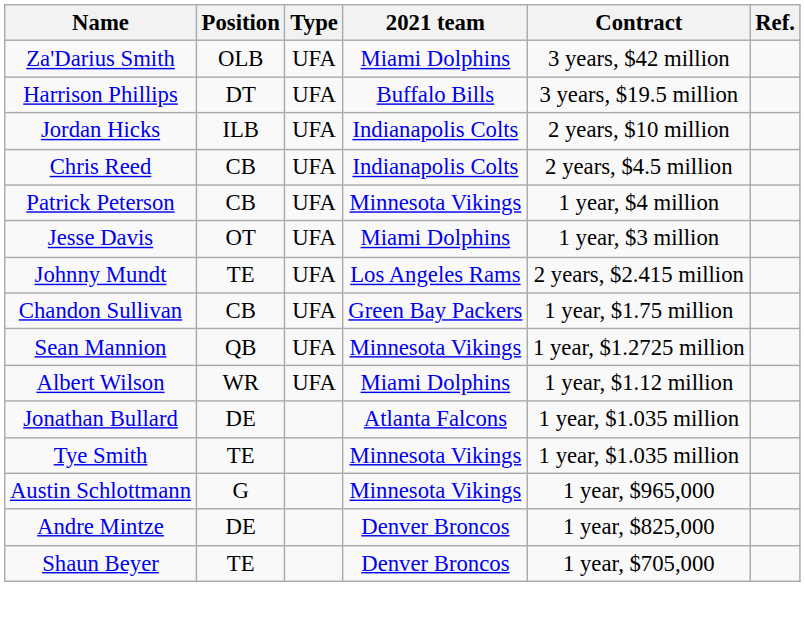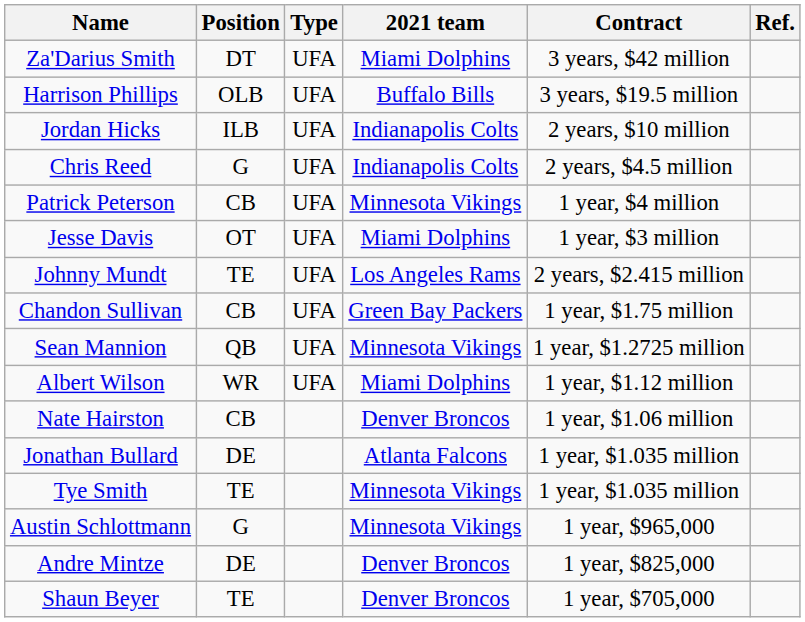 <table class="wikitable" style="text-align:center">
 <tr>
 <th>Name</th>
 <th>Position</th>
 <th>Type</th>
 <th>2021 team</th>
 <th>Contract</th>
 <th>Ref.</th>
 </tr>
 <tr>
 <td><a href='#'>Za'Darius Smith</a></td>
-<td>OLB</td>
+<td>DT</td>
 <td>UFA</td>
 <td><a href='#'>Miami Dolphins</a></td>
 <td>3 years, $42 million</td>
 <td></td>
 </tr>
 <tr>
 <td><a href='#'>Harrison Phillips</a></td>
-<td>DT</td>
+<td>OLB</td>
 <td>UFA</td>
 <td><a href='#'>Buffalo Bills</a></td>
 <td>3 years, $19.5 million</td>
 <td></td>
 </tr>
 <tr>
 <td><a href='#'>Jordan Hicks</a></td>
 <td>ILB</td>
 <td>UFA</td>
 <td><a href='#'>Indianapolis Colts</a></td>
 <td>2 years, $10 million</td>
 <td></td>
 </tr>
 <tr>
 <td><a href='#'>Chris Reed</a></td>
-<td>CB</td>
+<td>G</td>
 <td>UFA</td>
 <td><a href='#'>Indianapolis Colts</a></td>
 <td>2 years, $4.5 million</td>
 <td></td>
 </tr>
 <tr>
 <td><a href='#'>Patrick Peterson</a></td>
 <td>CB</td>
 <td>UFA</td>
 <td><a href='#'>Minnesota Vikings</a></td>
 <td>1 year, $4 million</td>
 <td></td>
 </tr>
 <tr>
 <td><a href='#'>Jesse Davis</a></td>
 <td>OT</td>
 <td>UFA</td>
 <td><a href='#'>Miami Dolphins</a></td>
 <td>1 year, $3 million</td>
 <td></td>
 </tr>
 <tr>
 <td><a href='#'>Johnny Mundt</a></td>
 <td>TE</td>
 <td>UFA</td>
 <td><a href='#'>Los Angeles Rams</a></td>
 <td>2 years, $2.415 million</td>
 <td></td>
 </tr>
 <tr>
 <td><a href='#'>Chandon Sullivan</a></td>
 <td>CB</td>
 <td>UFA</td>
 <td><a href='#'>Green Bay Packers</a></td>
 <td>1 year, $1.75 million</td>
 <td></td>
 </tr>
 <tr>
 <td><a href='#'>Sean Mannion</a></td>
 <td>QB</td>
 <td>UFA</td>
 <td><a href='#'>Minnesota Vikings</a></td>
 <td>1 year, $1.2725 million</td>
 <td></td>
 </tr>
 <tr>
 <td><a href='#'>Albert Wilson</a></td>
 <td>WR</td>
 <td>UFA</td>
 <td><a href='#'>Miami Dolphins</a></td>
 <td>1 year, $1.12 million</td>
 <td></td>
 </tr>
 <tr>
+<td><a href='#'>Nate Hairston</a></td>
+<td>CB</td>
+<td></td>
+<td><a href='#'>Denver Broncos</a></td>
+<td>1 year, $1.06 million</td>
+<td></td>
+</tr>
+<tr>
 <td><a href='#'>Jonathan Bullard</a></td>
 <td>DE</td>
 <td></td>
 <td><a href='#'>Atlanta Falcons</a></td>
 <td>1 year, $1.035 million</td>
 <td></td>
 </tr>
 <tr>
 <td><a href='#'>Tye Smith</a></td>
 <td>TE</td>
 <td></td>
 <td><a href='#'>Minnesota Vikings</a></td>
 <td>1 year, $1.035 million</td>
 <td></td>
 </tr>
 <tr>
 <td><a href='#'>Austin Schlottmann</a></td>
 <td>G</td>
 <td></td>
 <td><a href='#'>Minnesota Vikings</a></td>
 <td>1 year, $965,000</td>
 <td></td>
 </tr>
 <tr>
 <td><a href='#'>Andre Mintze</a></td>
 <td>DE</td>
 <td></td>
 <td><a href='#'>Denver Broncos</a></td>
 <td>1 year, $825,000</td>
 <td></td>
 </tr>
 <tr>
 <td><a href='#'>Shaun Beyer</a></td>
 <td>TE</td>
 <td></td>
 <td><a href='#'>Denver Broncos</a></td>
 <td>1 year, $705,000</td>
 <td></td>
 </tr>
 </table>
